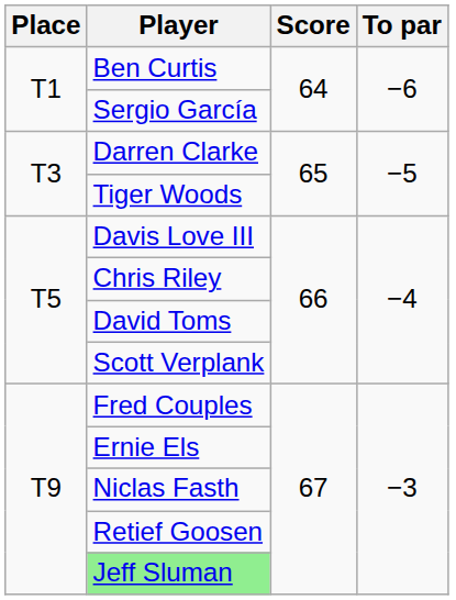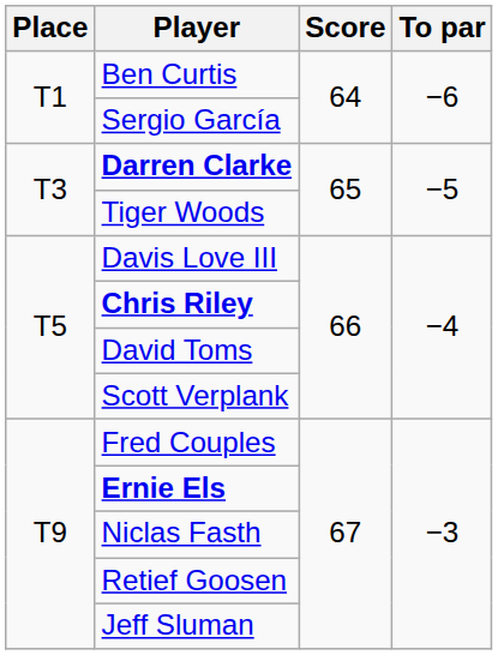 <table class="wikitable">
 <tr>
 <th>Place</th>
 <th>Player</th>
 <th>Score</th>
 <th>To par</th>
 </tr>
 <tr>
 <td rowspan="2" align=center>T1</td>
 <td> <a href='#'>Ben Curtis</a></td>
 <td rowspan="2" align=center>64</td>
 <td rowspan="2" align=center>−6</td>
 </tr>
 <tr>
 <td> <a href='#'>Sergio García</a></td>
 </tr>
 <tr>
 <td rowspan="2" align=center>T3</td>
-<td> <a href='#'>Darren Clarke</a></td>
+<td><strong> <a href='#'>Darren Clarke</a></strong></td>
 <td rowspan="2" align=center>65</td>
 <td rowspan="2" align=center>−5</td>
 </tr>
 <tr>
 <td> <a href='#'>Tiger Woods</a></td>
 </tr>
 <tr>
 <td rowspan="4" align=center>T5</td>
 <td> <a href='#'>Davis Love III</a></td>
 <td rowspan="4" align=center>66</td>
 <td rowspan="4" align=center>−4</td>
 </tr>
 <tr>
-<td> <a href='#'>Chris Riley</a></td>
+<td><strong> <a href='#'>Chris Riley</a></strong></td>
 </tr>
 <tr>
 <td> <a href='#'>David Toms</a></td>
 </tr>
 <tr>
 <td> <a href='#'>Scott Verplank</a></td>
 </tr>
 <tr>
 <td rowspan="5" align=center>T9</td>
 <td> <a href='#'>Fred Couples</a></td>
 <td rowspan="5" align=center>67</td>
 <td rowspan="5" align=center>−3</td>
 </tr>
 <tr>
-<td> <a href='#'>Ernie Els</a></td>
+<td><strong> <a href='#'>Ernie Els</a></strong></td>
 </tr>
 <tr>
 <td> <a href='#'>Niclas Fasth</a></td>
 </tr>
 <tr>
 <td> <a href='#'>Retief Goosen</a></td>
 </tr>
 <tr>
-<td style="background: lightgreen;"> <a href='#'>Jeff Sluman</a></td>
+<td> <a href='#'>Jeff Sluman</a></td>
 </tr>
 </table>
